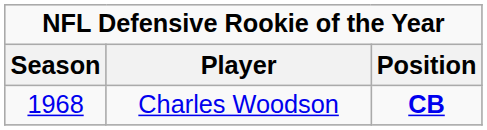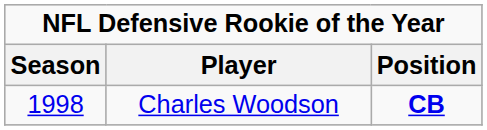 <table class="wikitable sortable" style="text-align:center">
 <tr>
 <td colspan="3"><strong>NFL Defensive Rookie of the Year</strong></td>
 </tr>
 <tr>
 <th style="width:50px; ">Season</th>
 <th style="width:160px; ">Player</th>
 <th style="width:50px; ">Position</th>
 </tr>
 <tr>
-<td><a href='#'>1968</a></td>
+<td><a href='#'>1998</a></td>
 <td><a href='#'>Charles Woodson</a></td>
 <td><strong><a href='#'>CB</a></strong></td>
 </tr>
 </table>
